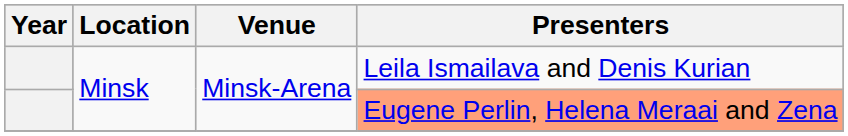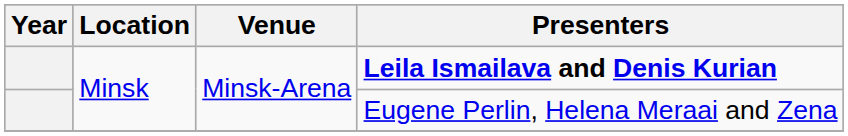 <table class="wikitable plainrowheaders">
 <tr>
 <th>Year</th>
 <th>Location</th>
 <th>Venue</th>
 <th>Presenters</th>
 </tr>
 <tr>
 <th scope="row"></th>
 <td rowspan="2"><a href='#'>Minsk</a></td>
 <td rowspan="2"><a href='#'>Minsk-Arena</a></td>
-<td><a href='#'>Leila Ismailava</a> and <a href='#'>Denis Kurian</a></td>
+<td><strong><a href='#'>Leila Ismailava</a> and <a href='#'>Denis Kurian</a></strong></td>
 </tr>
 <tr>
 <th scope="row"></th>
-<td style="background: lightsalmon;"><a href='#'>Eugene Perlin</a>, <a href='#'>Helena Meraai</a> and <a href='#'>Zena</a></td>
+<td><a href='#'>Eugene Perlin</a>, <a href='#'>Helena Meraai</a> and <a href='#'>Zena</a></td>
 </tr>
 <tr 2021|website= junioreurovision.tv|>
 </tr>
 </table>
